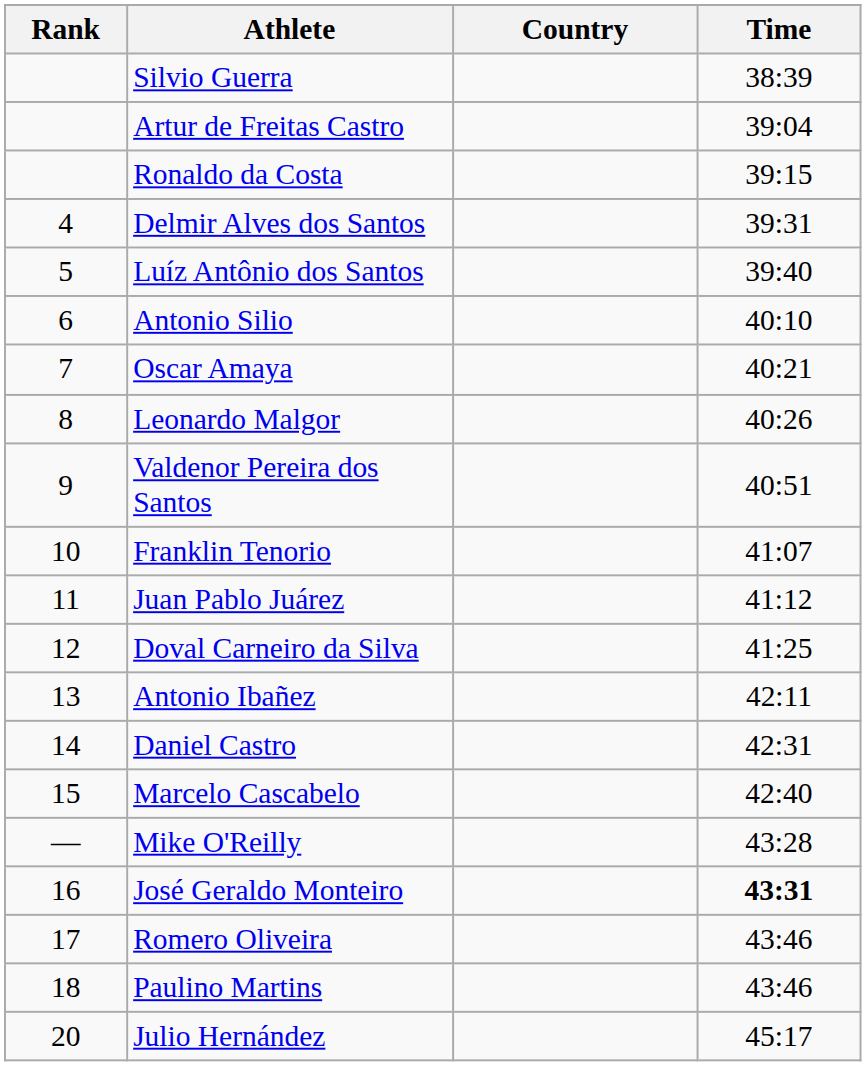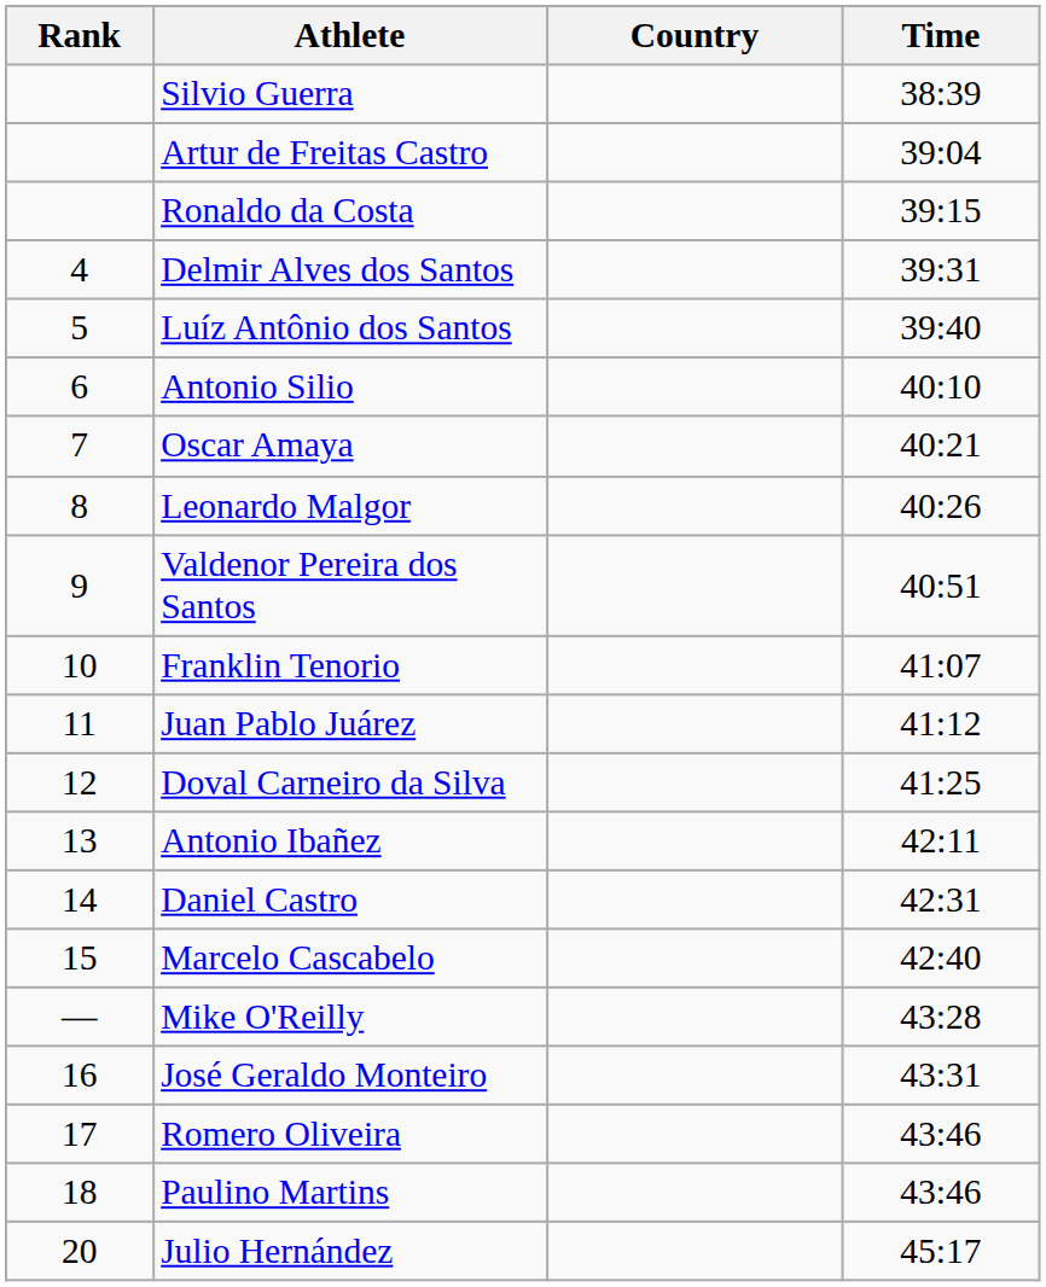 <table class="wikitable sortable" style=" text-align:center; font-size:95%;" width="50%">
 <tr>
 </tr>
 <tr>
 <th width=5%>Rank</th>
 <th width=20%>Athlete</th>
 <th width=15%>Country</th>
 <th width=10%>Time</th>
 </tr>
 <tr>
 <td align=center></td>
 <td align=left><a href='#'>Silvio Guerra</a></td>
 <td align=left></td>
 <td>38:39</td>
 </tr>
 <tr>
 <td align=center></td>
 <td align=left><a href='#'>Artur de Freitas Castro</a></td>
 <td align=left></td>
 <td>39:04</td>
 </tr>
 <tr>
 <td align=center></td>
 <td align=left><a href='#'>Ronaldo da Costa</a></td>
 <td align=left></td>
 <td>39:15</td>
 </tr>
 <tr>
 <td align=center>4</td>
 <td align=left><a href='#'>Delmir Alves dos Santos</a></td>
 <td align=left></td>
 <td>39:31</td>
 </tr>
 <tr>
 <td align=center>5</td>
 <td align=left><a href='#'>Luíz Antônio dos Santos</a></td>
 <td align=left></td>
 <td>39:40</td>
 </tr>
 <tr>
 <td align=center>6</td>
 <td align=left><a href='#'>Antonio Silio</a></td>
 <td align=left></td>
 <td>40:10</td>
 </tr>
 <tr>
 <td align=center>7</td>
 <td align=left><a href='#'>Oscar Amaya</a></td>
 <td align=left></td>
 <td>40:21</td>
 </tr>
 <tr>
 <td align=center>8</td>
 <td align=left><a href='#'>Leonardo Malgor</a></td>
 <td align=left></td>
 <td>40:26</td>
 </tr>
 <tr>
 <td align=center>9</td>
 <td align=left><a href='#'>Valdenor Pereira dos Santos</a></td>
 <td align=left></td>
 <td>40:51</td>
 </tr>
 <tr>
 <td align=center>10</td>
 <td align=left><a href='#'>Franklin Tenorio</a></td>
 <td align=left></td>
 <td>41:07</td>
 </tr>
 <tr>
 <td align=center>11</td>
 <td align=left><a href='#'>Juan Pablo Juárez</a></td>
 <td align=left></td>
 <td>41:12</td>
 </tr>
 <tr>
 <td align=center>12</td>
 <td align=left><a href='#'>Doval Carneiro da Silva</a></td>
 <td align=left></td>
 <td>41:25</td>
 </tr>
 <tr>
 <td align=center>13</td>
 <td align=left><a href='#'>Antonio Ibañez</a></td>
 <td align=left></td>
 <td>42:11</td>
 </tr>
 <tr>
 <td align=center>14</td>
 <td align=left><a href='#'>Daniel Castro</a></td>
 <td align=left></td>
 <td>42:31</td>
 </tr>
 <tr>
 <td align=center>15</td>
 <td align=left><a href='#'>Marcelo Cascabelo</a></td>
 <td align=left></td>
 <td>42:40</td>
 </tr>
 <tr>
 <td align=center>—</td>
 <td align=left><a href='#'>Mike O'Reilly</a></td>
 <td align=left></td>
 <td>43:28</td>
 </tr>
 <tr>
 <td align=center>16</td>
 <td align=left><a href='#'>José Geraldo Monteiro</a></td>
 <td align=left></td>
-<td><strong>43:31</strong></td>
+<td>43:31</td>
 </tr>
 <tr>
 <td align=center>17</td>
 <td align=left><a href='#'>Romero Oliveira</a></td>
 <td align=left></td>
 <td>43:46</td>
 </tr>
 <tr>
 <td align=center>18</td>
 <td align=left><a href='#'>Paulino Martins</a></td>
 <td align=left></td>
 <td>43:46</td>
 </tr>
 <tr>
 <td align=center>20</td>
 <td align=left><a href='#'>Julio Hernández</a></td>
 <td align=left></td>
 <td>45:17</td>
 </tr>
 </table>
